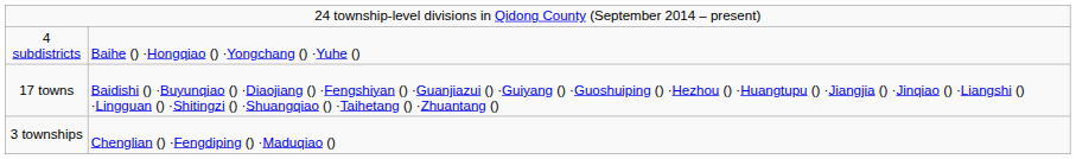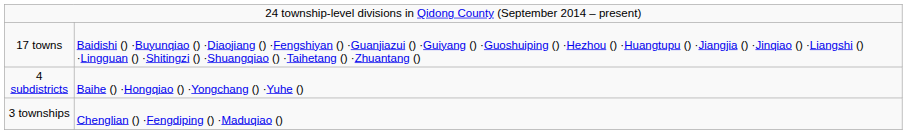 <table class="wikitable">
 <tr>
 <td style="text-align:center;" colspan="2">24 township-level divisions in <a href='#'>Qidong County</a> (September 2014 – present)</td>
+</tr>
+<tr align=left>
+<td align=center>17 towns</td>
+<td><br><a href='#'>Baidishi</a> () ·<a href='#'>Buyunqiao</a> () ·<a href='#'>Diaojiang</a> () ·<a href='#'>Fengshiyan</a> () ·<a href='#'>Guanjiazui</a> () ·<a href='#'>Guiyang</a> () ·<a href='#'>Guoshuiping</a> () ·<a href='#'>Hezhou</a> () ·<a href='#'>Huangtupu</a> () ·<a href='#'>Jiangjia</a> () ·<a href='#'>Jinqiao</a> () ·<a href='#'>Liangshi</a> () ·<a href='#'>Lingguan</a> () ·<a href='#'>Shitingzi</a> () ·<a href='#'>Shuangqiao</a> () ·<a href='#'>Taihetang</a> () ·<a href='#'>Zhuantang</a> ()</td>
 </tr>
 <tr align=left>
 <td align=center>4 <a href='#'>subdistricts</a></td>
 <td><br><a href='#'>Baihe</a> () ·<a href='#'>Hongqiao</a> () ·<a href='#'>Yongchang</a> () ·<a href='#'>Yuhe</a> ()</td>
 </tr>
 <tr align=left>
-<td align=center>17 towns</td>
-<td><br><a href='#'>Baidishi</a> () ·<a href='#'>Buyunqiao</a> () ·<a href='#'>Diaojiang</a> () ·<a href='#'>Fengshiyan</a> () ·<a href='#'>Guanjiazui</a> () ·<a href='#'>Guiyang</a> () ·<a href='#'>Guoshuiping</a> () ·<a href='#'>Hezhou</a> () ·<a href='#'>Huangtupu</a> () ·<a href='#'>Jiangjia</a> () ·<a href='#'>Jinqiao</a> () ·<a href='#'>Liangshi</a> () ·<a href='#'>Lingguan</a> () ·<a href='#'>Shitingzi</a> () ·<a href='#'>Shuangqiao</a> () ·<a href='#'>Taihetang</a> () ·<a href='#'>Zhuantang</a> ()</td>
-</tr>
-<tr align=left>
 <td align=center>3 townships</td>
 <td><br><a href='#'>Chenglian</a> () ·<a href='#'>Fengdiping</a> () ·<a href='#'>Maduqiao</a> ()</td>
 </tr>
 </table>
